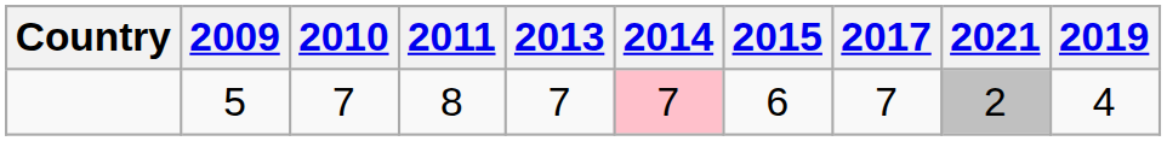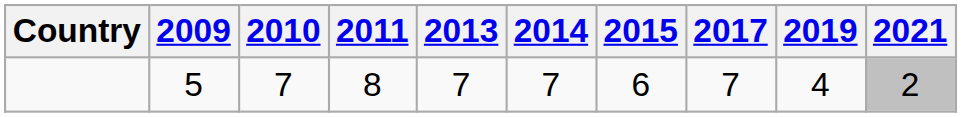 <table class="wikitable" style="text-align: center">
 <tr>
 <th>Country</th>
 <th><strong><a href='#'>2009</a></strong></th>
 <th><strong><a href='#'>2010</a></strong></th>
 <th><strong><a href='#'>2011</a></strong></th>
 <th><strong><a href='#'>2013</a></strong></th>
 <th><strong><a href='#'>2014</a></strong></th>
 <th><strong><a href='#'>2015</a></strong></th>
 <th><strong><a href='#'>2017</a></strong></th>
+<th><strong><a href='#'>2019</a></strong></th>
 <th><strong><a href='#'>2021</a></strong></th>
-<th><strong><a href='#'>2019</a></strong></th>
 </tr>
 <tr>
 <td align= left></td>
 <td>5</td>
 <td>7</td>
 <td>8</td>
 <td>7</td>
-<td style="background: pink;">7</td>
+<td>7</td>
 <td>6</td>
 <td>7</td>
+<td>4</td>
 <td bgcolor=silver>2</td>
-<td>4</td>
 </tr>
 </table>
